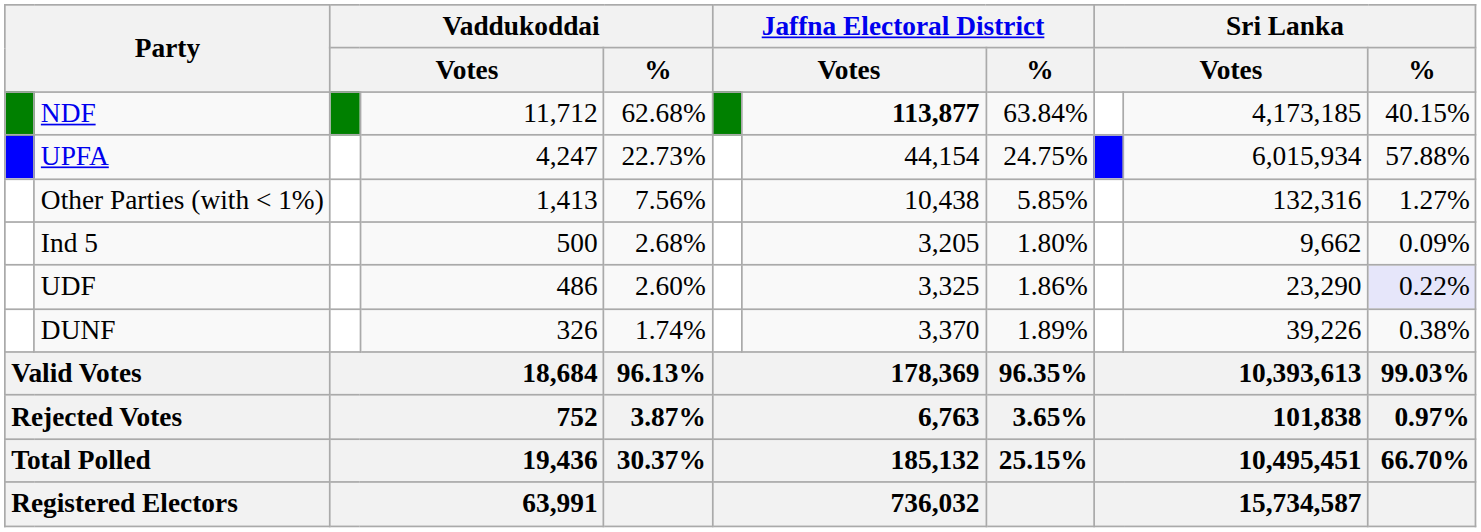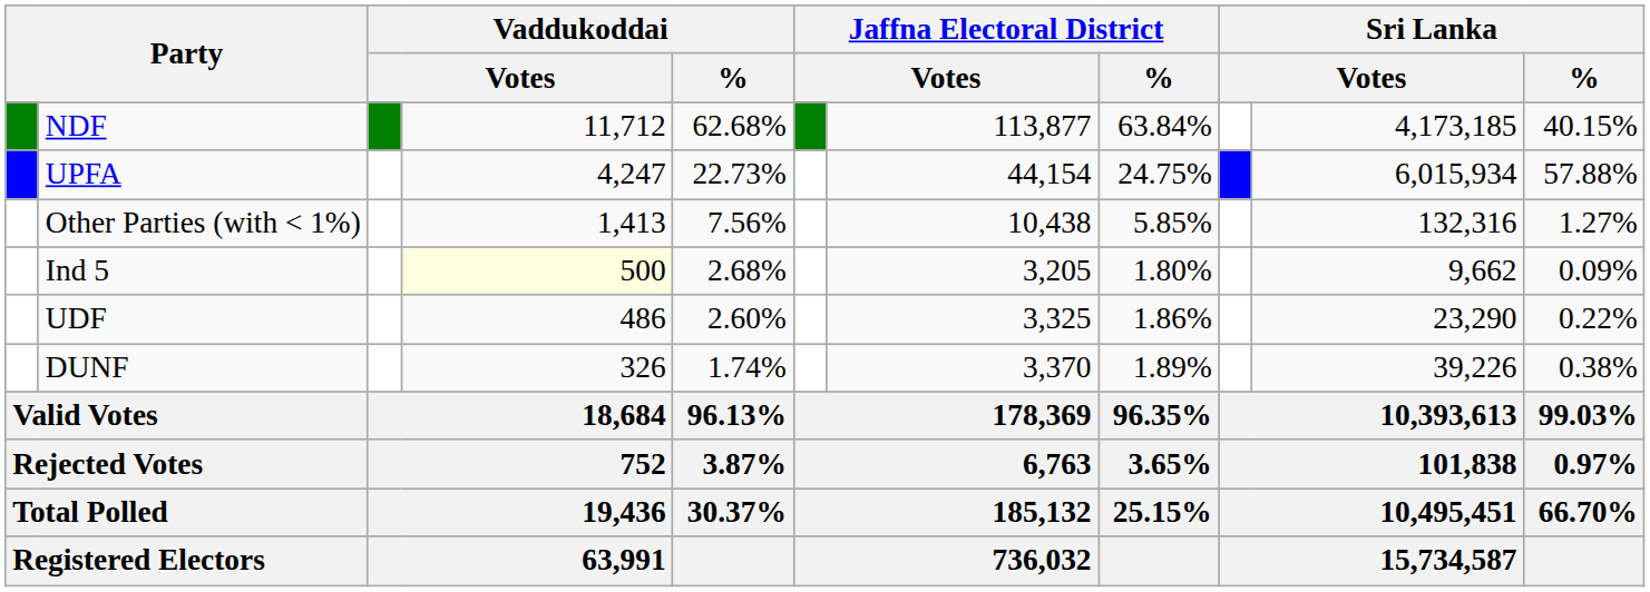 <table class="wikitable">
 <tr>
 <th colspan="2" width="144px"rowspan="2">Party</th>
 <th colspan="3" width="216px">Vaddukoddai</th>
 <th colspan="3" width="216px"><a href='#'>Jaffna Electoral District</a></th>
 <th colspan="3" width="216px">Sri Lanka</th>
 </tr>
 <tr>
 <th colspan="2" width="144px">Votes</th>
 <th>%</th>
 <th colspan="2" width="144px">Votes</th>
 <th>%</th>
 <th colspan="2" width="144px">Votes</th>
 <th>%</th>
 </tr>
 <tr>
 <td style="background-color:green;" width="10px"></td>
 <td style="text-align:left;"><a href='#'>NDF</a></td>
 <td style="background-color:green;" width="10px"></td>
 <td style="text-align:right;">11,712</td>
 <td style="text-align:right;">62.68%</td>
 <td style="background-color:green;" width="10px"></td>
-<td style="text-align:right;"><strong>113,877</strong></td>
+<td style="text-align:right;">113,877</td>
 <td style="text-align:right;">63.84%</td>
 <td style="background-color:white;" width="10px"></td>
 <td style="text-align:right;">4,173,185</td>
 <td style="text-align:right;">40.15%</td>
 </tr>
 <tr>
 <td style="background-color:blue;" width="10px"></td>
 <td style="text-align:left;"><a href='#'>UPFA</a></td>
 <td style="background-color:white;" width="10px"></td>
 <td style="text-align:right;">4,247</td>
 <td style="text-align:right;">22.73%</td>
 <td style="background-color:white;" width="10px"></td>
 <td style="text-align:right;">44,154</td>
 <td style="text-align:right;">24.75%</td>
 <td style="background-color:blue;" width="10px"></td>
 <td style="text-align:right;">6,015,934</td>
 <td style="text-align:right;">57.88%</td>
 </tr>
 <tr>
 <td style="background-color:white;" width="10px"></td>
 <td style="text-align:left;">Other Parties (with < 1%)</td>
 <td style="background-color:white;" width="10px"></td>
 <td style="text-align:right;">1,413</td>
 <td style="text-align:right;">7.56%</td>
 <td style="background-color:white;" width="10px"></td>
 <td style="text-align:right;">10,438</td>
 <td style="text-align:right;">5.85%</td>
 <td style="background-color:white;" width="10px"></td>
 <td style="text-align:right;">132,316</td>
 <td style="text-align:right;">1.27%</td>
 </tr>
 <tr>
 <td style="background-color:white;" width="10px"></td>
 <td style="text-align:left;">Ind 5</td>
 <td style="background-color:white;" width="10px"></td>
-<td style="text-align:right;">500</td>
+<td style="background: lightyellow; text-align:right;">500</td>
 <td style="text-align:right;">2.68%</td>
 <td style="background-color:white;" width="10px"></td>
 <td style="text-align:right;">3,205</td>
 <td style="text-align:right;">1.80%</td>
 <td style="background-color:white;" width="10px"></td>
 <td style="text-align:right;">9,662</td>
 <td style="text-align:right;">0.09%</td>
 </tr>
 <tr>
 <td style="background-color:white;" width="10px"></td>
 <td style="text-align:left;">UDF</td>
 <td style="background-color:white;" width="10px"></td>
 <td style="text-align:right;">486</td>
 <td style="text-align:right;">2.60%</td>
 <td style="background-color:white;" width="10px"></td>
 <td style="text-align:right;">3,325</td>
 <td style="text-align:right;">1.86%</td>
 <td style="background-color:white;" width="10px"></td>
 <td style="text-align:right;">23,290</td>
-<td style="background: lavender; text-align:right;">0.22%</td>
+<td style="text-align:right;">0.22%</td>
 </tr>
 <tr>
 <td style="background-color:white;" width="10px"></td>
 <td style="text-align:left;">DUNF</td>
 <td style="background-color:white;" width="10px"></td>
 <td style="text-align:right;">326</td>
 <td style="text-align:right;">1.74%</td>
 <td style="background-color:white;" width="10px"></td>
 <td style="text-align:right;">3,370</td>
 <td style="text-align:right;">1.89%</td>
 <td style="background-color:white;" width="10px"></td>
 <td style="text-align:right;">39,226</td>
 <td style="text-align:right;">0.38%</td>
 </tr>
 <tr>
 <th colspan="2" width="144px"style="text-align:left;">Valid Votes</th>
 <th style="text-align:right;"colspan="2" width="144px">18,684</th>
 <th style="text-align:right;">96.13%</th>
 <th style="text-align:right;"colspan="2" width="144px">178,369</th>
 <th style="text-align:right;">96.35%</th>
 <th style="text-align:right;"colspan="2" width="144px">10,393,613</th>
 <th style="text-align:right;">99.03%</th>
 </tr>
 <tr>
 <th colspan="2" width="144px"style="text-align:left;">Rejected Votes</th>
 <th style="text-align:right;"colspan="2" width="144px">752</th>
 <th style="text-align:right;">3.87%</th>
 <th style="text-align:right;"colspan="2" width="144px">6,763</th>
 <th style="text-align:right;">3.65%</th>
 <th style="text-align:right;"colspan="2" width="144px">101,838</th>
 <th style="text-align:right;">0.97%</th>
 </tr>
 <tr>
 <th colspan="2" width="144px"style="text-align:left;">Total Polled</th>
 <th style="text-align:right;"colspan="2" width="144px">19,436</th>
 <th style="text-align:right;">30.37%</th>
 <th style="text-align:right;"colspan="2" width="144px">185,132</th>
 <th style="text-align:right;">25.15%</th>
 <th style="text-align:right;"colspan="2" width="144px">10,495,451</th>
 <th style="text-align:right;">66.70%</th>
 </tr>
 <tr>
 <th colspan="2" width="144px"style="text-align:left;">Registered Electors</th>
 <th style="text-align:right;"colspan="2" width="144px">63,991</th>
 <th></th>
 <th style="text-align:right;"colspan="2" width="144px">736,032</th>
 <th></th>
 <th style="text-align:right;"colspan="2" width="144px">15,734,587</th>
 <th></th>
 </tr>
 </table>
